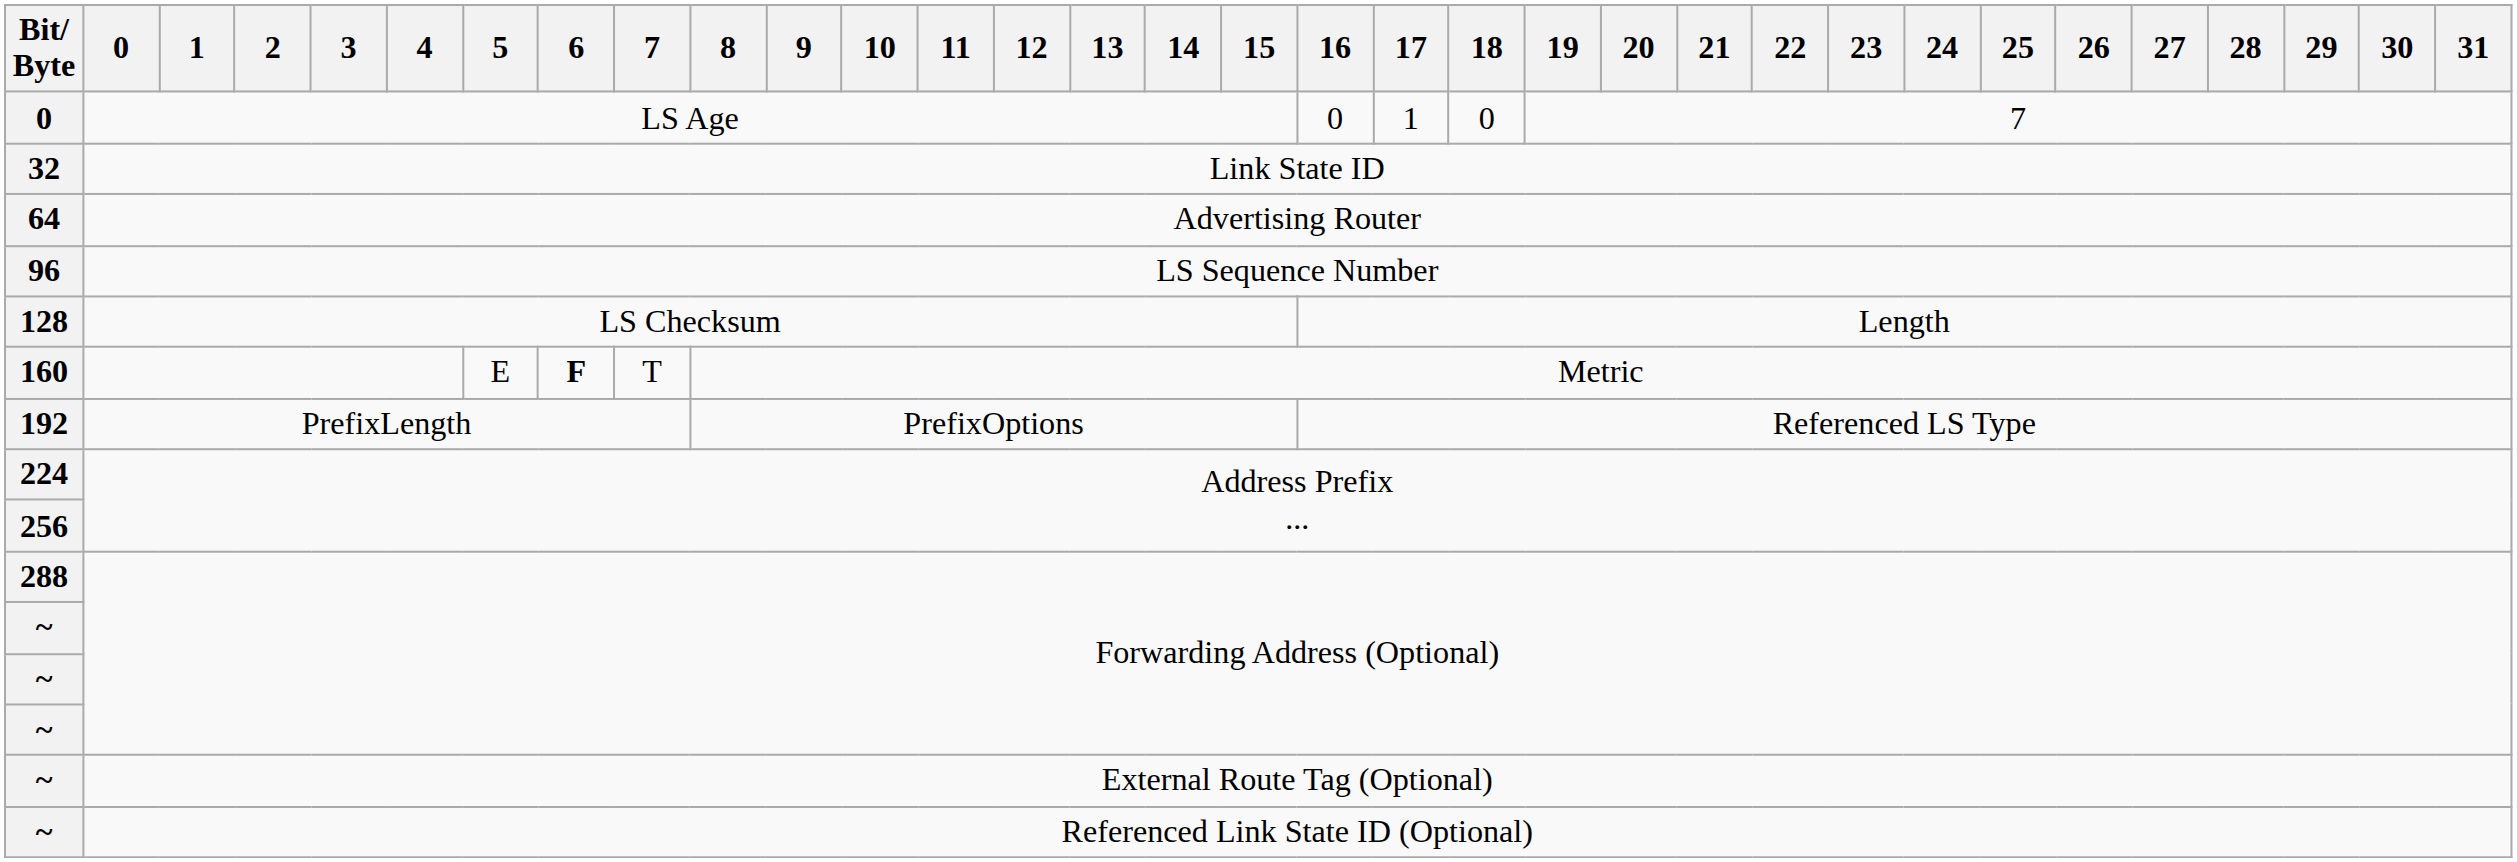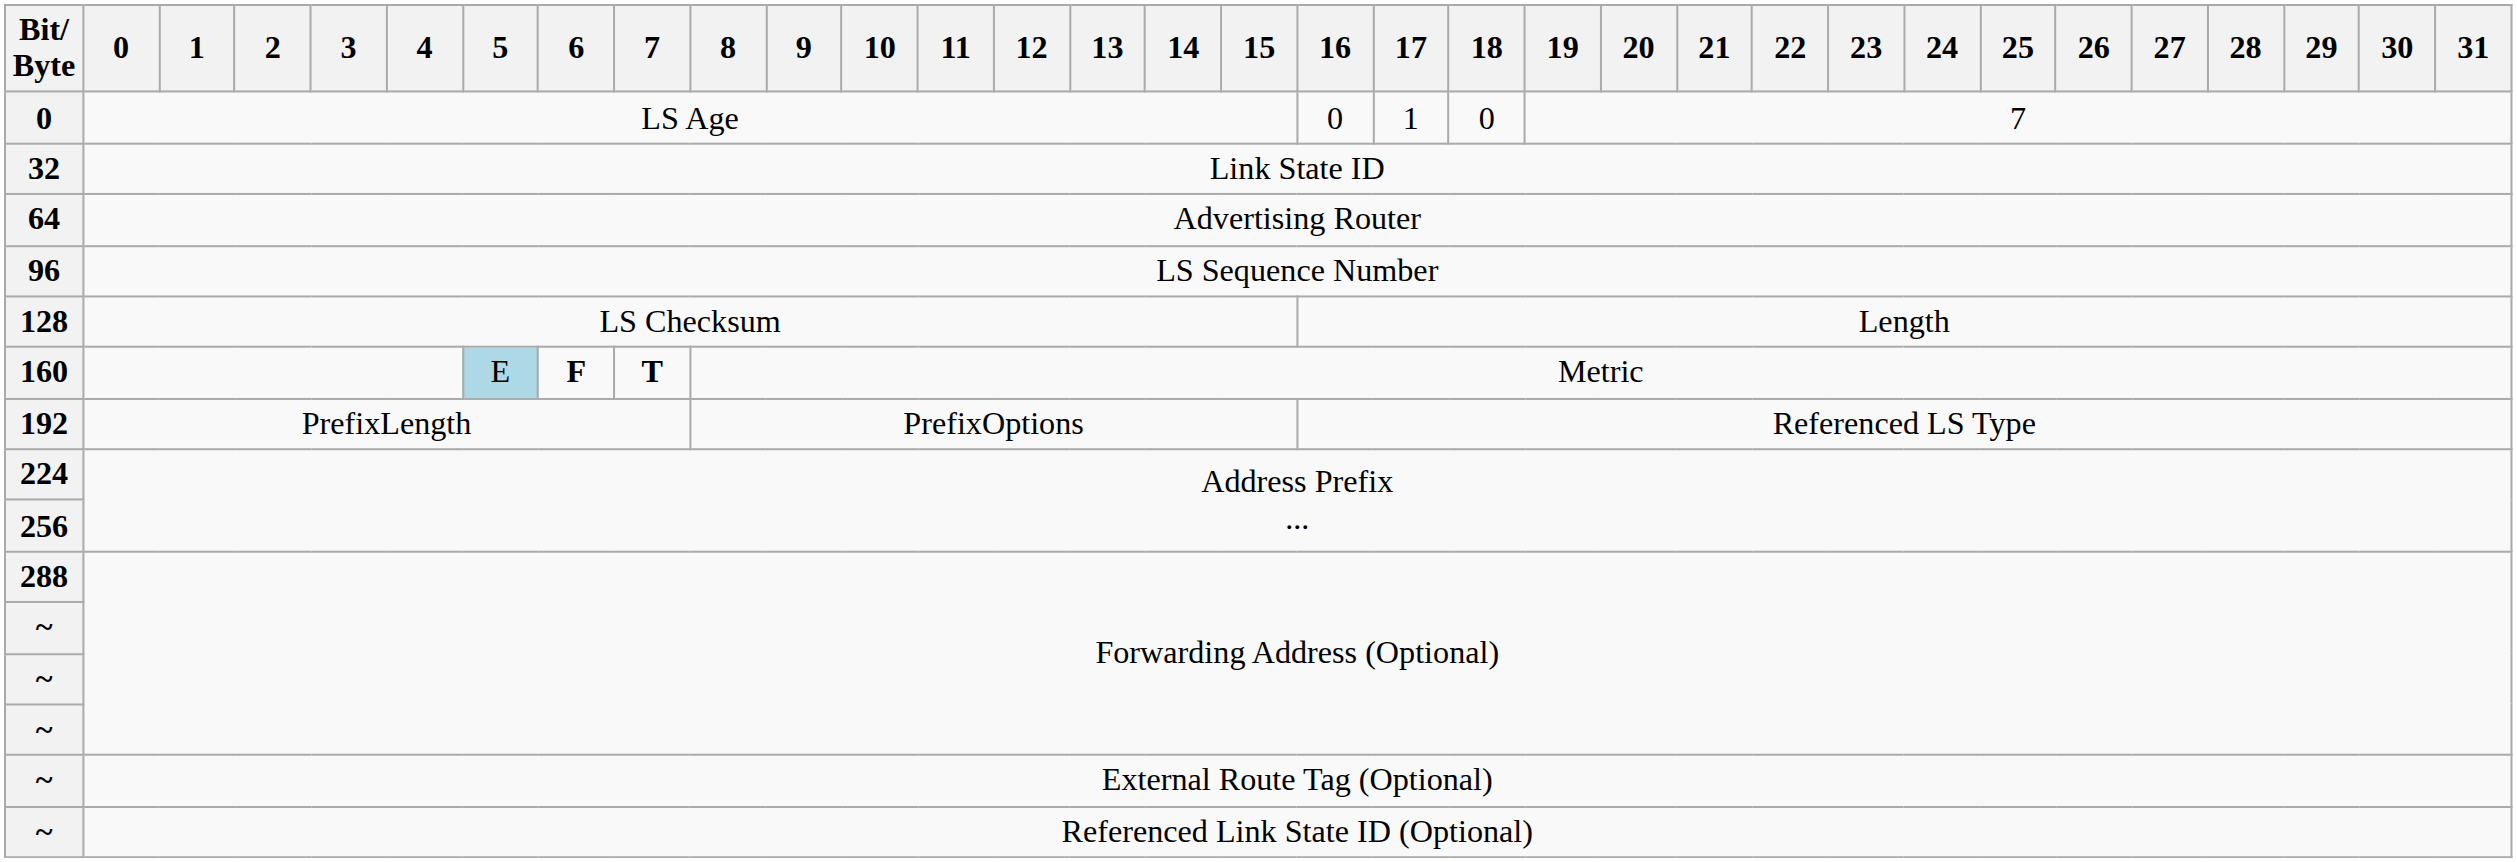 <table class="wikitable" style="text-align:center">
 <tr>
 <th width="3%">Bit/<br>Byte</th>
 <th colspan="1" width="3%">0</th>
 <th colspan="1" width="3%">1</th>
 <th colspan="1" width="3%">2</th>
 <th colspan="1" width="3%">3</th>
 <th colspan="1" width="3%">4</th>
 <th colspan="1" width="3%">5</th>
 <th colspan="1" width="3%">6</th>
 <th colspan="1" width="3%">7</th>
 <th colspan="1" width="3%">8</th>
 <th colspan="1" width="3%">9</th>
 <th colspan="1" width="3%">10</th>
 <th colspan="1" width="3%">11</th>
 <th colspan="1" width="3%">12</th>
 <th colspan="1" width="3%">13</th>
 <th colspan="1" width="3%">14</th>
 <th colspan="1" width="3%">15</th>
 <th colspan="1" width="3%">16</th>
 <th colspan="1" width="3%">17</th>
 <th colspan="1" width="3%">18</th>
 <th colspan="1" width="3%">19</th>
 <th colspan="1" width="3%">20</th>
 <th colspan="1" width="3%">21</th>
 <th colspan="1" width="3%">22</th>
 <th colspan="1" width="3%">23</th>
 <th colspan="1" width="3%">24</th>
 <th colspan="1" width="3%">25</th>
 <th colspan="1" width="3%">26</th>
 <th colspan="1" width="3%">27</th>
 <th colspan="1" width="3%">28</th>
 <th colspan="1" width="3%">29</th>
 <th colspan="1" width="3%">30</th>
 <th colspan="1" width="3%">31</th>
 </tr>
 <tr>
 <th>0</th>
 <td colspan="16">LS Age</td>
 <td colspan="1">0</td>
 <td colspan="1">1</td>
 <td colspan="1">0</td>
 <td colspan="13">7</td>
 </tr>
 <tr>
 <th>32</th>
 <td colspan="32">Link State ID</td>
 </tr>
 <tr>
 <th>64</th>
 <td colspan="32">Advertising Router</td>
 </tr>
 <tr>
 <th>96</th>
 <td colspan="32">LS Sequence Number</td>
 </tr>
 <tr>
 <th>128</th>
 <td colspan="16">LS Checksum</td>
 <td colspan="16">Length</td>
 </tr>
 <tr>
 <th>160</th>
 <td colspan="5"></td>
-<td colspan="1">E</td>
+<td colspan="1" style="background: lightblue;">E</td>
 <td colspan="1"><strong>F</strong></td>
-<td colspan="1">T</td>
+<td colspan="1"><strong>T</strong></td>
 <td colspan="24">Metric</td>
 </tr>
 <tr>
 <th>192</th>
 <td colspan="8">PrefixLength</td>
 <td colspan="8">PrefixOptions</td>
 <td colspan="16">Referenced LS Type</td>
 </tr>
 <tr>
 <th>224</th>
 <td colspan="32" rowspan="2">Address Prefix<br>...</td>
 </tr>
 <tr>
 <th>256</th>
 </tr>
 <tr>
 <th>288</th>
 <td colspan="32" rowspan="4">Forwarding Address (Optional)</td>
 </tr>
 <tr>
 <th>~</th>
 </tr>
 <tr>
 <th>~</th>
 </tr>
 <tr>
 <th>~</th>
 </tr>
 <tr>
 <th>~</th>
 <td colspan="32">External Route Tag (Optional)</td>
 </tr>
 <tr>
 <th>~</th>
 <td colspan="32">Referenced Link State ID (Optional)</td>
 </tr>
 </table>
